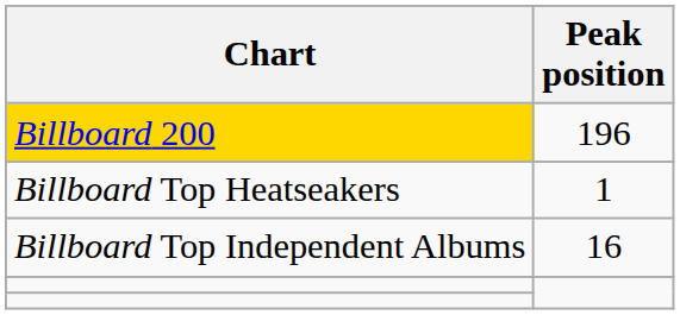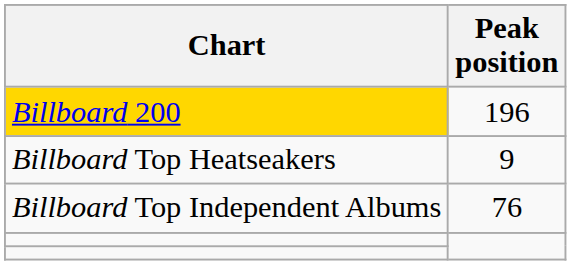 <table class="wikitable">
 <tr>
 <th>Chart</th>
 <th>Peak<br>position</th>
 </tr>
 <tr>
 <td style="background: gold;"><a href='#'><em>Billboard</em> 200</a></td>
 <td align="center">196</td>
 </tr>
 <tr>
 <td><em>Billboard</em> Top Heatseakers</td>
-<td align="center">1</td>
+<td align="center">9</td>
 </tr>
 <tr>
 <td><em>Billboard</em> Top Independent Albums</td>
-<td align="center">16</td>
+<td align="center">76</td>
 </tr>
 <tr>
 <td></td>
 </tr>
 <tr>
 <td></td>
 </tr>
 </table>
